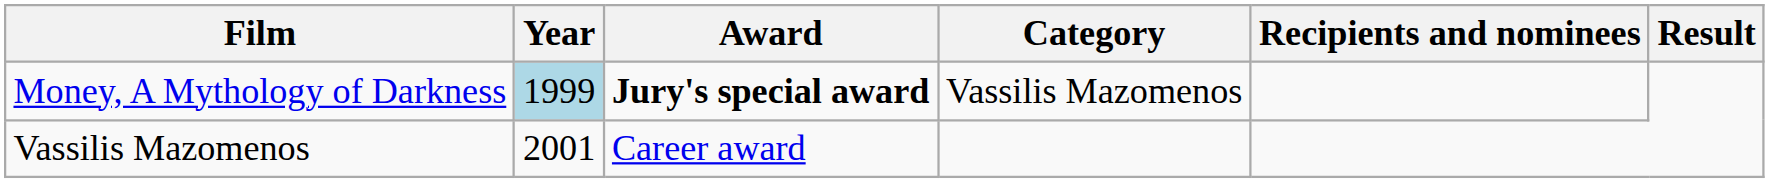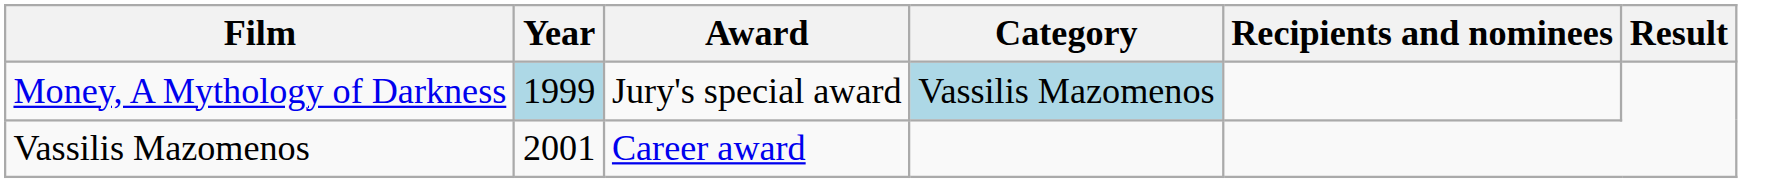 <table class="wikitable">
 <tr>
 <th>Film</th>
 <th>Year</th>
 <th>Award</th>
 <th>Category</th>
 <th>Recipients and nominees</th>
 <th>Result</th>
 </tr>
 <tr>
 <td><a href='#'>Money, A Mythology of Darkness</a></td>
 <td style="background: lightblue;">1999</td>
-<td><strong>Jury's special award</strong></td>
-<td>Vassilis Mazomenos</td>
+<td>Jury's special award</td>
+<td style="background: lightblue;">Vassilis Mazomenos</td>
 <td></td>
 </tr>
 <tr>
 <td>Vassilis Mazomenos</td>
 <td>2001</td>
 <td><a href='#'>Career award</a></td>
 <td></td>
 </tr>
 </table>
